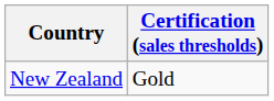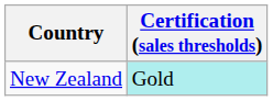 <table class="wikitable" border="1">
 <tr>
 <th>Country</th>
 <th><a href='#'>Certification</a><br>(<small><a href='#'>sales thresholds</a></small>)</th>
 </tr>
 <tr>
 <td><a href='#'>New Zealand</a></td>
-<td>Gold</td>
+<td style="background: paleturquoise;">Gold</td>
 </tr>
 </table>
